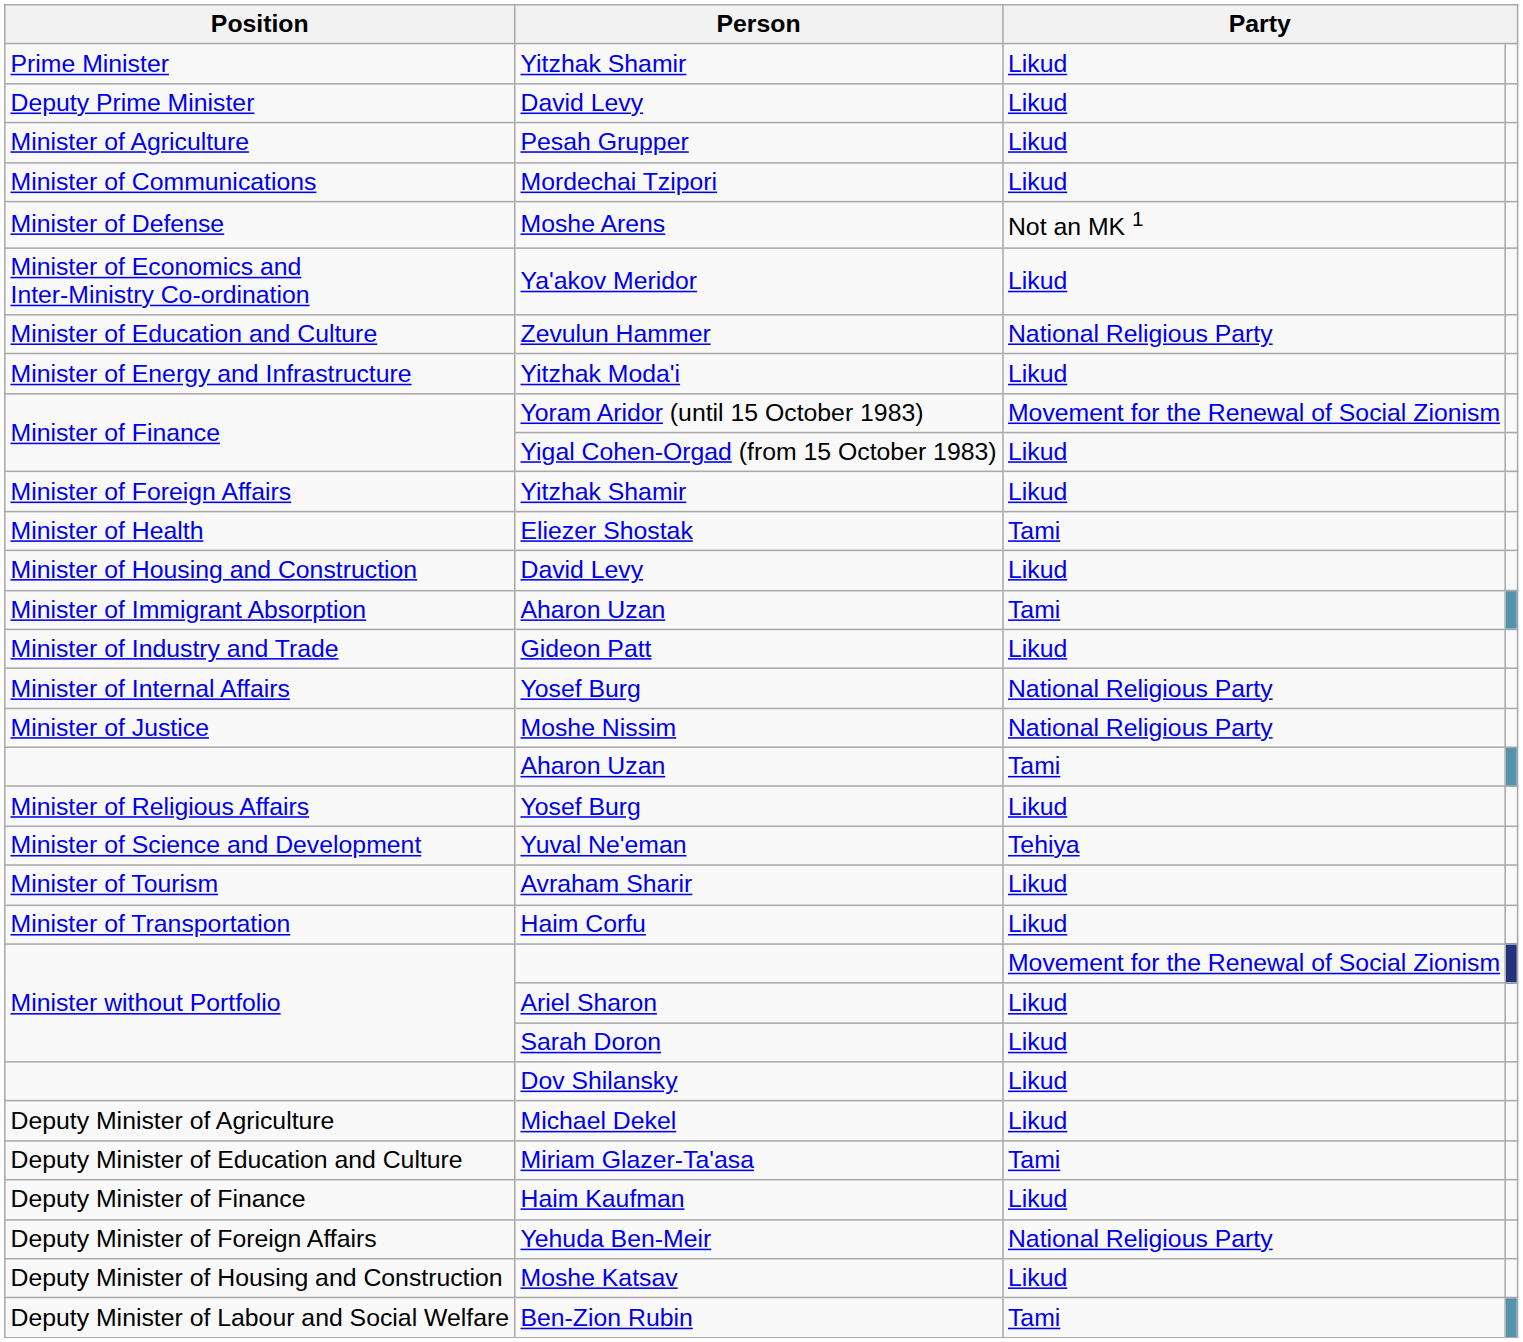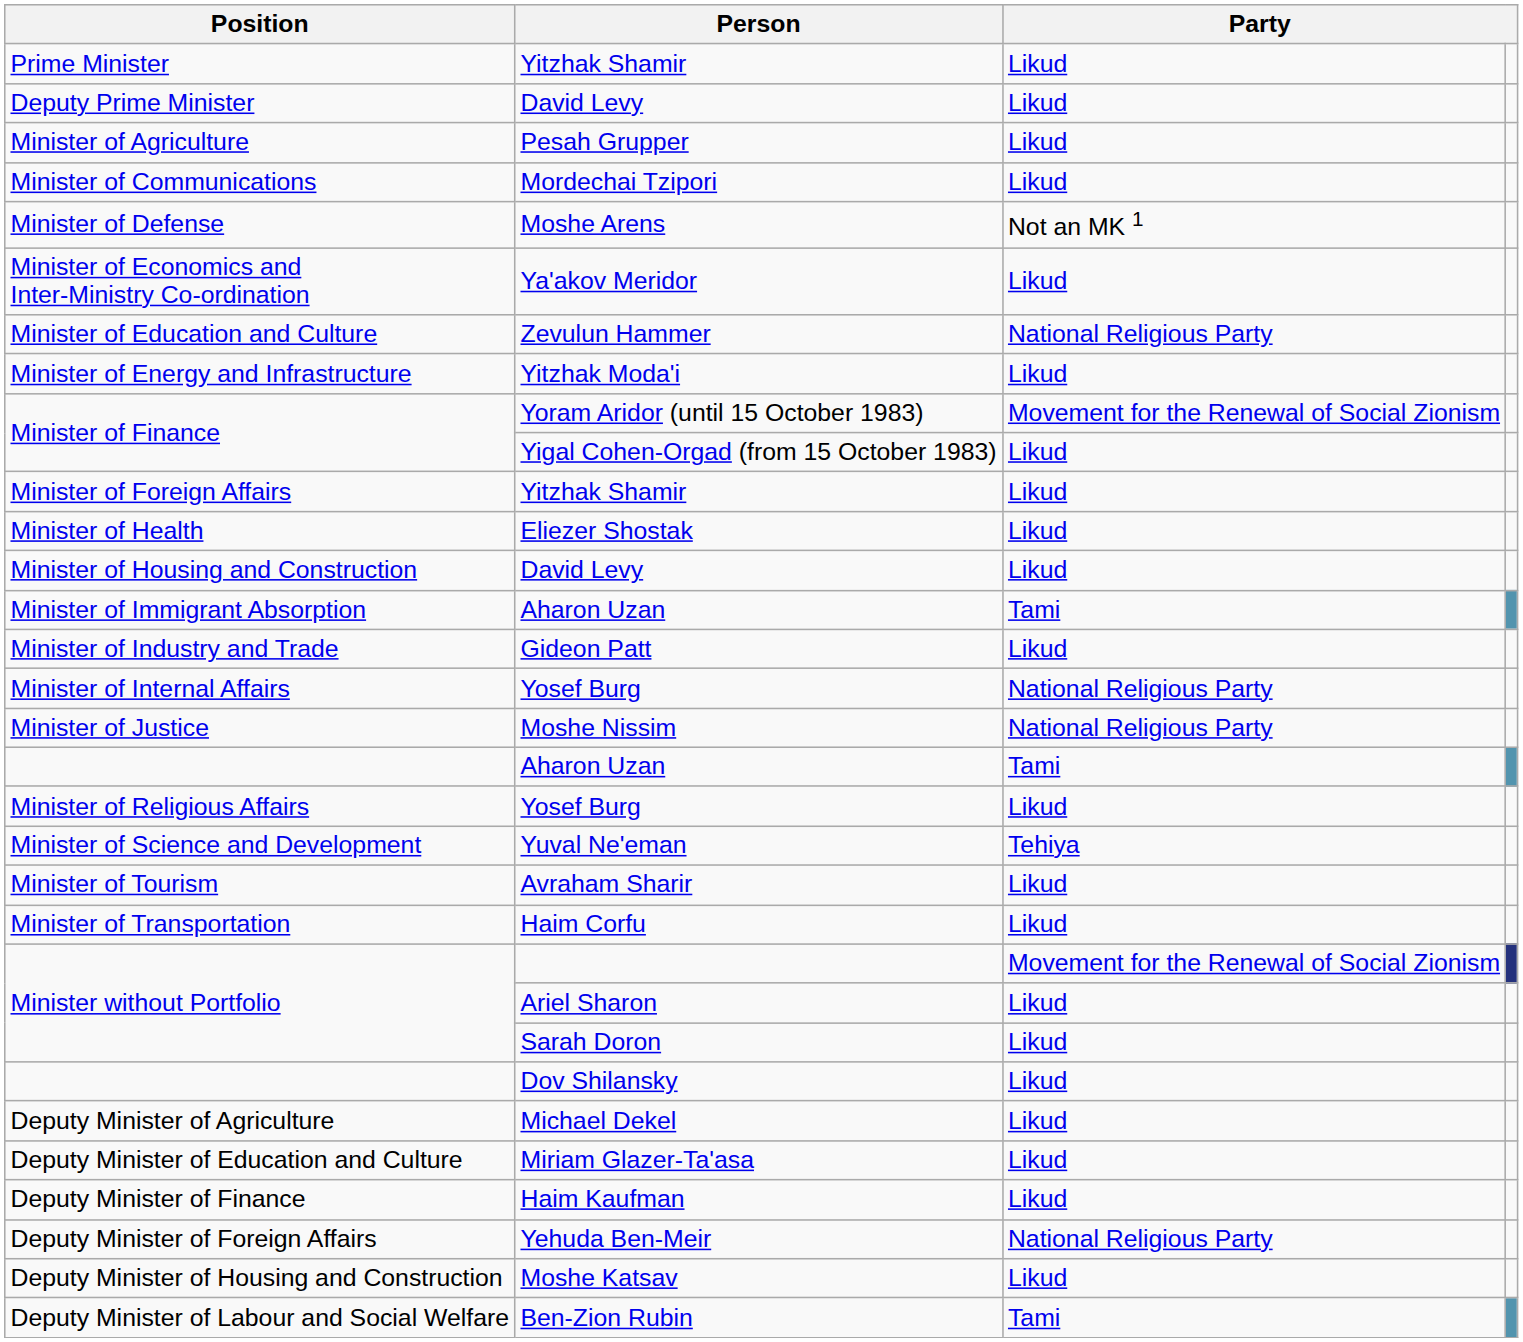 <table class=wikitable style="text-align:left">
 <tr>
 <th>Position</th>
 <th>Person</th>
 <th colspan=2>Party</th>
 </tr>
 <tr>
 <td><a href='#'>Prime Minister</a></td>
 <td><a href='#'>Yitzhak Shamir</a></td>
 <td><a href='#'>Likud</a></td>
 <td style="background:"></td>
 </tr>
 <tr>
 <td><a href='#'>Deputy Prime Minister</a></td>
 <td><a href='#'>David Levy</a></td>
 <td><a href='#'>Likud</a></td>
 <td style="background:"></td>
 </tr>
 <tr>
 <td><a href='#'>Minister of Agriculture</a></td>
 <td><a href='#'>Pesah Grupper</a></td>
 <td><a href='#'>Likud</a></td>
 <td style="background:"></td>
 </tr>
 <tr>
 <td><a href='#'>Minister of Communications</a></td>
 <td><a href='#'>Mordechai Tzipori</a></td>
 <td><a href='#'>Likud</a></td>
 <td style="background:"></td>
 </tr>
 <tr>
 <td><a href='#'>Minister of Defense</a></td>
 <td><a href='#'>Moshe Arens</a></td>
 <td>Not an MK <sup>1</sup></td>
 <td style="background:"></td>
 </tr>
 <tr>
 <td><a href='#'>Minister of Economics and<br>Inter-Ministry Co-ordination</a></td>
 <td><a href='#'>Ya'akov Meridor</a></td>
 <td><a href='#'>Likud</a></td>
 <td style="background:"></td>
 </tr>
 <tr>
 <td><a href='#'>Minister of Education and Culture</a></td>
 <td><a href='#'>Zevulun Hammer</a></td>
 <td><a href='#'>National Religious Party</a></td>
 <td style="background:"></td>
 </tr>
 <tr>
 <td><a href='#'>Minister of Energy and Infrastructure</a></td>
 <td><a href='#'>Yitzhak Moda'i</a></td>
 <td><a href='#'>Likud</a></td>
 <td style="background:"></td>
 </tr>
 <tr>
 <td rowspan=2><a href='#'>Minister of Finance</a></td>
 <td><a href='#'>Yoram Aridor</a> (until 15 October 1983)</td>
 <td><a href='#'>Movement for the Renewal of Social Zionism</a></td>
 <td style="background:"></td>
 </tr>
 <tr>
 <td><a href='#'>Yigal Cohen-Orgad</a> (from 15 October 1983)</td>
 <td><a href='#'>Likud</a></td>
 <td style="background:"></td>
 </tr>
 <tr>
 <td><a href='#'>Minister of Foreign Affairs</a></td>
 <td><a href='#'>Yitzhak Shamir</a></td>
 <td><a href='#'>Likud</a></td>
 <td style="background:"></td>
 </tr>
 <tr>
 <td><a href='#'>Minister of Health</a></td>
 <td><a href='#'>Eliezer Shostak</a></td>
-<td><a href='#'>Tami</a></td>
+<td><a href='#'>Likud</a></td>
 <td style="background:"></td>
 </tr>
 <tr>
 <td><a href='#'>Minister of Housing and Construction</a></td>
 <td><a href='#'>David Levy</a></td>
 <td><a href='#'>Likud</a></td>
 <td style="background:"></td>
 </tr>
 <tr>
 <td><a href='#'>Minister of Immigrant Absorption</a></td>
 <td><a href='#'>Aharon Uzan</a></td>
 <td><a href='#'>Tami</a></td>
 <td style="background:#5294AE"></td>
 </tr>
 <tr>
 <td><a href='#'>Minister of Industry and Trade</a></td>
 <td><a href='#'>Gideon Patt</a></td>
 <td><a href='#'>Likud</a></td>
 <td style="background:"></td>
 </tr>
 <tr>
 <td><a href='#'>Minister of Internal Affairs</a></td>
 <td><a href='#'>Yosef Burg</a></td>
 <td><a href='#'>National Religious Party</a></td>
 <td style="background:"></td>
 </tr>
 <tr>
 <td><a href='#'>Minister of Justice</a></td>
 <td><a href='#'>Moshe Nissim</a></td>
 <td><a href='#'>National Religious Party</a></td>
 <td style="background:"></td>
 </tr>
 <tr>
 <td></td>
 <td><a href='#'>Aharon Uzan</a></td>
 <td><a href='#'>Tami</a></td>
 <td style="background:#5294AE"></td>
 </tr>
 <tr>
 <td><a href='#'>Minister of Religious Affairs</a></td>
 <td><a href='#'>Yosef Burg</a></td>
 <td><a href='#'>Likud</a></td>
 <td style="background:"></td>
 </tr>
 <tr>
 <td><a href='#'>Minister of Science and Development</a></td>
 <td><a href='#'>Yuval Ne'eman</a></td>
 <td><a href='#'>Tehiya</a></td>
 <td style="background:"></td>
 </tr>
 <tr>
 <td><a href='#'>Minister of Tourism</a></td>
 <td><a href='#'>Avraham Sharir</a></td>
 <td><a href='#'>Likud</a></td>
 <td style="background:"></td>
 </tr>
 <tr>
 <td><a href='#'>Minister of Transportation</a></td>
 <td><a href='#'>Haim Corfu</a></td>
 <td><a href='#'>Likud</a></td>
 <td style="background:"></td>
 </tr>
 <tr>
 <td rowspan=3><a href='#'>Minister without Portfolio</a></td>
 <td></td>
 <td><a href='#'>Movement for the Renewal of Social Zionism</a></td>
 <td style="background:#24317C"></td>
 </tr>
 <tr>
 <td><a href='#'>Ariel Sharon</a></td>
 <td><a href='#'>Likud</a></td>
 <td style="background:"></td>
 </tr>
 <tr>
 <td><a href='#'>Sarah Doron</a></td>
 <td><a href='#'>Likud</a></td>
 <td style="background:"></td>
 </tr>
 <tr>
 <td></td>
 <td><a href='#'>Dov Shilansky</a></td>
 <td><a href='#'>Likud</a></td>
 <td style="background:"></td>
 </tr>
 <tr>
 <td>Deputy Minister of Agriculture</td>
 <td><a href='#'>Michael Dekel</a></td>
 <td><a href='#'>Likud</a></td>
 <td style="background:"></td>
 </tr>
 <tr>
 <td>Deputy Minister of Education and Culture</td>
 <td><a href='#'>Miriam Glazer-Ta'asa</a></td>
-<td><a href='#'>Tami</a></td>
+<td><a href='#'>Likud</a></td>
 <td style="background:"></td>
 </tr>
 <tr>
 <td>Deputy Minister of Finance</td>
 <td><a href='#'>Haim Kaufman</a></td>
 <td><a href='#'>Likud</a></td>
 <td style="background:"></td>
 </tr>
 <tr>
 <td>Deputy Minister of Foreign Affairs</td>
 <td><a href='#'>Yehuda Ben-Meir</a></td>
 <td><a href='#'>National Religious Party</a></td>
 <td style="background:"></td>
 </tr>
 <tr>
 <td>Deputy Minister of Housing and Construction</td>
 <td><a href='#'>Moshe Katsav</a></td>
 <td><a href='#'>Likud</a></td>
 <td style="background:"></td>
 </tr>
 <tr>
 <td>Deputy Minister of Labour and Social Welfare</td>
 <td><a href='#'>Ben-Zion Rubin</a></td>
 <td><a href='#'>Tami</a></td>
 <td style="background:#5294AE"></td>
 </tr>
 </table>
